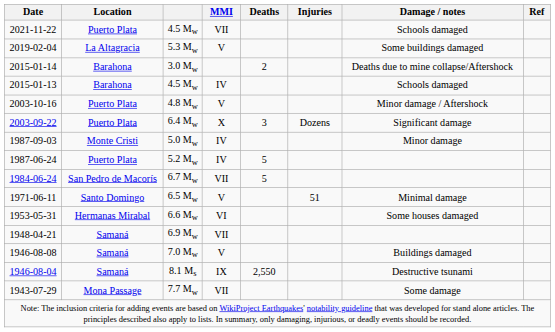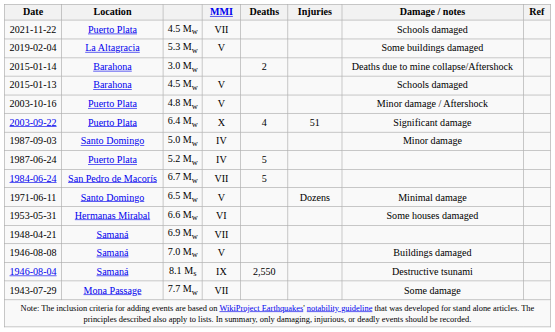 <table class="wikitable sortable" style="text-align: center;">
 <tr>
 <th>Date</th>
 <th>Location</th>
 <th></th>
 <th><a href='#'>MMI</a></th>
 <th>Deaths</th>
 <th>Injuries</th>
 <th>Damage / notes</th>
 <th scope="col" class="unsortable">Ref</th>
 </tr>
 <tr>
 <td>2021-11-22</td>
 <td><a href='#'>Puerto Plata</a></td>
 <td>4.5 M<sub>w</sub></td>
 <td>VII</td>
 <td></td>
 <td></td>
 <td>Schools damaged</td>
 <td></td>
 </tr>
 <tr>
 <td>2019-02-04</td>
 <td><a href='#'>La Altagracia</a></td>
 <td>5.3 M<sub>w</sub></td>
 <td>V</td>
 <td></td>
 <td></td>
 <td>Some buildings damaged</td>
 <td></td>
 </tr>
 <tr>
 <td>2015-01-14</td>
 <td><a href='#'>Barahona</a></td>
 <td>3.0 M<sub>w</sub></td>
 <td></td>
 <td>2</td>
 <td></td>
 <td>Deaths due to mine collapse/Aftershock</td>
 <td></td>
 </tr>
 <tr>
 <td>2015-01-13</td>
 <td><a href='#'>Barahona</a></td>
 <td>4.5 M<sub>w</sub></td>
-<td>IV</td>
+<td>V</td>
 <td></td>
 <td></td>
 <td>Schools damaged</td>
 <td></td>
 </tr>
 <tr>
 <td>2003-10-16</td>
 <td><a href='#'>Puerto Plata</a></td>
 <td>4.8 M<sub>w</sub></td>
 <td>V</td>
 <td></td>
 <td></td>
 <td>Minor damage / Aftershock</td>
 <td></td>
 </tr>
 <tr>
 <td><a href='#'>2003-09-22</a></td>
 <td><a href='#'>Puerto Plata</a></td>
 <td>6.4 M<sub>w</sub></td>
 <td>X</td>
-<td>3</td>
-<td>Dozens</td>
+<td>4</td>
+<td>51</td>
 <td>Significant damage</td>
 <td></td>
 </tr>
 <tr>
 <td>1987-09-03</td>
-<td><a href='#'>Monte Cristi</a></td>
+<td><a href='#'>Santo Domingo</a></td>
 <td>5.0 M<sub>w</sub></td>
 <td>IV</td>
 <td></td>
 <td></td>
 <td>Minor damage</td>
 <td></td>
 </tr>
 <tr>
 <td>1987-06-24</td>
 <td><a href='#'>Puerto Plata</a></td>
 <td>5.2 M<sub>w</sub></td>
 <td>IV</td>
 <td>5</td>
 <td></td>
 <td></td>
 <td></td>
 </tr>
 <tr>
 <td><a href='#'>1984-06-24</a></td>
 <td><a href='#'>San Pedro de Macorís</a></td>
 <td>6.7 M<sub>w</sub></td>
 <td>VII</td>
 <td>5</td>
 <td></td>
 <td></td>
 <td></td>
 </tr>
 <tr>
 <td>1971-06-11</td>
 <td><a href='#'>Santo Domingo</a></td>
 <td>6.5 M<sub>w</sub></td>
 <td>V</td>
 <td></td>
-<td>51</td>
+<td>Dozens</td>
 <td>Minimal damage</td>
 <td></td>
 </tr>
 <tr>
 <td>1953-05-31</td>
 <td><a href='#'>Hermanas Mirabal</a></td>
 <td>6.6 M<sub>w</sub></td>
 <td>VI</td>
 <td></td>
 <td></td>
 <td>Some houses damaged</td>
 <td></td>
 </tr>
 <tr>
 <td>1948-04-21</td>
 <td><a href='#'>Samaná</a></td>
 <td>6.9 M<sub>w</sub></td>
 <td>VII</td>
 <td></td>
 <td></td>
 <td></td>
 <td></td>
 </tr>
 <tr>
 <td>1946-08-08</td>
 <td><a href='#'>Samaná</a></td>
 <td>7.0 M<sub>w</sub></td>
 <td>V</td>
 <td></td>
 <td></td>
 <td>Buildings damaged</td>
 <td></td>
 </tr>
 <tr>
 <td><a href='#'>1946-08-04</a></td>
 <td><a href='#'>Samaná</a></td>
 <td>8.1 M<sub>s</sub></td>
 <td>IX</td>
 <td>2,550</td>
 <td></td>
 <td>Destructive tsunami</td>
 <td></td>
 </tr>
 <tr>
 <td>1943-07-29</td>
 <td><a href='#'>Mona Passage</a></td>
 <td>7.7 M<sub>w</sub></td>
 <td>VII</td>
 <td></td>
 <td></td>
 <td>Some damage</td>
 <td></td>
 </tr>
 <tr class="sortbottom">
 <td colspan="11" style="text-align: center;"><small>Note: The inclusion criteria for adding events are based on <a href='#'>WikiProject Earthquakes</a>' <a href='#'>notability guideline</a> that was developed for stand alone articles. The principles described also apply to lists. In summary, only damaging, injurious, or deadly events should be recorded.</small></td>
 </tr>
 </table>
